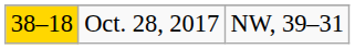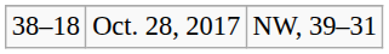 <table class="wikitable">
 <tr align="center">
 </tr>
 <tr align="center">
-<td style="background: gold;">38–18</td>
+<td>38–18</td>
 <td>Oct. 28, 2017</td>
 <td>NW, 39–31</td>
 </tr>
 </table>
